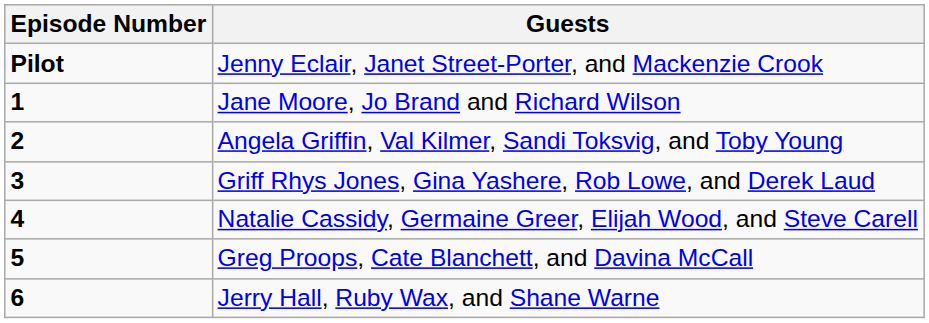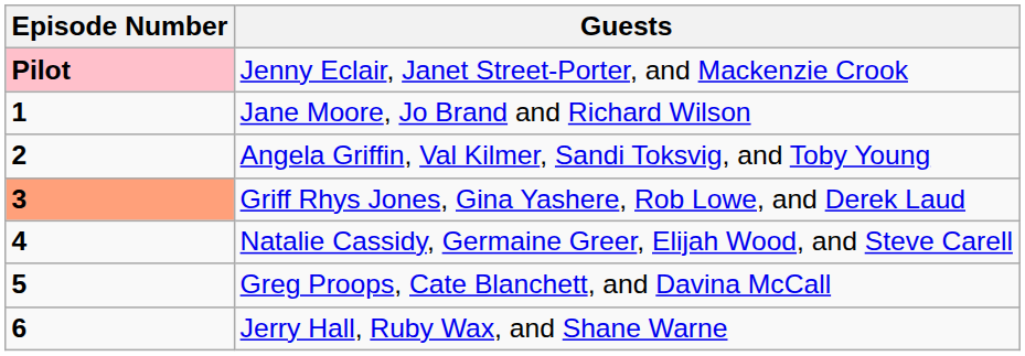 <table class="wikitable">
 <tr>
 <th>Episode Number</th>
 <th>Guests</th>
 </tr>
 <tr>
-<td><strong>Pilot</strong></td>
+<td style="background: pink;"><strong>Pilot</strong></td>
 <td><a href='#'>Jenny Eclair</a>, <a href='#'>Janet Street-Porter</a>, and <a href='#'>Mackenzie Crook</a></td>
 </tr>
 <tr>
 <td><strong>1</strong></td>
 <td><a href='#'>Jane Moore</a>, <a href='#'>Jo Brand</a> and <a href='#'>Richard Wilson</a></td>
 </tr>
 <tr>
 <td><strong>2</strong></td>
 <td><a href='#'>Angela Griffin</a>, <a href='#'>Val Kilmer</a>, <a href='#'>Sandi Toksvig</a>, and <a href='#'>Toby Young</a></td>
 </tr>
 <tr>
-<td><strong>3</strong></td>
+<td style="background: lightsalmon;"><strong>3</strong></td>
 <td><a href='#'>Griff Rhys Jones</a>, <a href='#'>Gina Yashere</a>, <a href='#'>Rob Lowe</a>, and <a href='#'>Derek Laud</a></td>
 </tr>
 <tr>
 <td><strong>4</strong></td>
 <td><a href='#'>Natalie Cassidy</a>, <a href='#'>Germaine Greer</a>, <a href='#'>Elijah Wood</a>, and <a href='#'>Steve Carell</a></td>
 </tr>
 <tr>
 <td><strong>5</strong></td>
 <td><a href='#'>Greg Proops</a>, <a href='#'>Cate Blanchett</a>, and <a href='#'>Davina McCall</a></td>
 </tr>
 <tr>
 <td><strong>6</strong></td>
 <td><a href='#'>Jerry Hall</a>, <a href='#'>Ruby Wax</a>, and <a href='#'>Shane Warne</a></td>
 </tr>
 </table>
